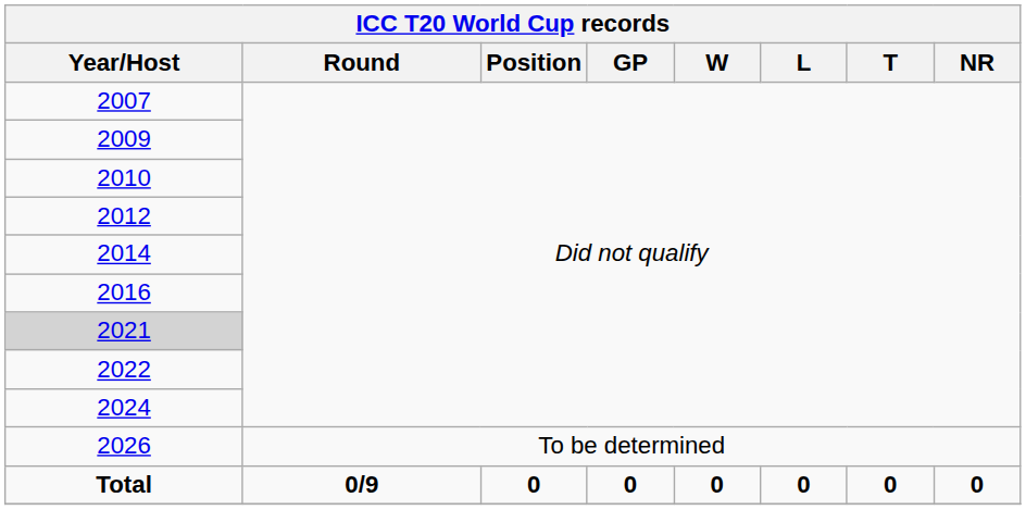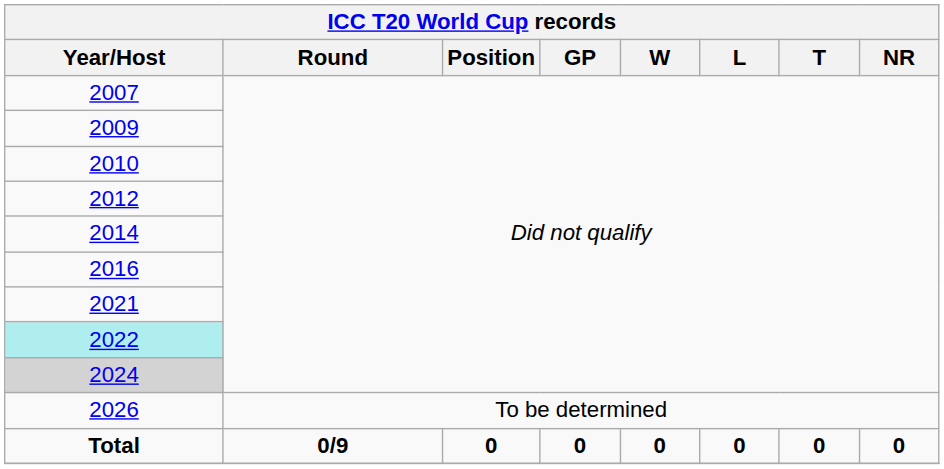 <table class="wikitable" style="text-align: center;">
 <tr>
 <th colspan=8><a href='#'>ICC T20 World Cup</a> records</th>
 </tr>
 <tr>
 <th width=150>Year/Host</th>
 <th width=150>Round</th>
 <th width=50>Position</th>
 <th width=50>GP</th>
 <th width=50>W</th>
 <th width=50>L</th>
 <th width=50>T</th>
 <th width=50>NR</th>
 </tr>
 <tr>
 <td> <a href='#'>2007</a></td>
 <td colspan="7" rowspan="9"><em>Did not qualify</em></td>
 </tr>
 <tr>
 <td> <a href='#'>2009</a></td>
 </tr>
 <tr>
 <td> <a href='#'>2010</a></td>
 </tr>
 <tr>
 <td> <a href='#'>2012</a></td>
 </tr>
 <tr>
 <td> <a href='#'>2014</a></td>
 </tr>
 <tr>
 <td> <a href='#'>2016</a></td>
 </tr>
 <tr>
-<td style="background: lightgrey;">  <a href='#'>2021</a></td>
+<td>  <a href='#'>2021</a></td>
 </tr>
 <tr>
-<td> <a href='#'>2022</a></td>
+<td style="background: paleturquoise;"> <a href='#'>2022</a></td>
 </tr>
 <tr>
-<td> <a href='#'>2024</a></td>
+<td style="background: lightgrey;"> <a href='#'>2024</a></td>
 </tr>
 <tr>
 <td>  <a href='#'>2026</a></td>
 <td colspan=8>To be determined</td>
 </tr>
 <tr>
 <td><strong>Total</strong></td>
 <td><strong>0/9</strong></td>
 <td><strong>0</strong></td>
 <td><strong>0</strong></td>
 <td><strong>0</strong></td>
 <td><strong>0</strong></td>
 <td><strong>0</strong></td>
 <td><strong>0</strong></td>
 </tr>
 <tr>
 </tr>
 </table>
